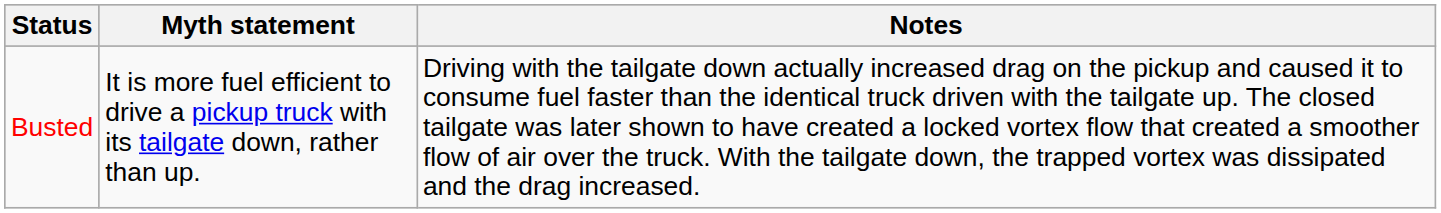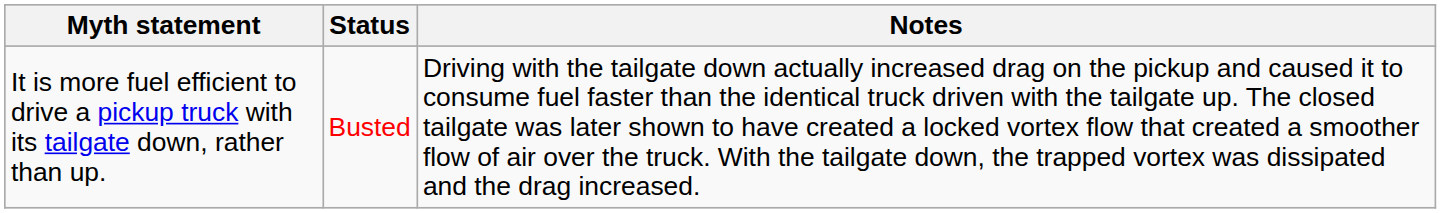 <table class="wikitable plainrowheaders">
 <tr>
+<th>Myth statement</th>
 <th>Status</th>
-<th>Myth statement</th>
 <th>Notes</th>
 </tr>
 <tr>
+<td>It is more fuel efficient to drive a <a href='#'>pickup truck</a> with its <a href='#'>tailgate</a> down, rather than up.</td>
 <td style="color:red">Busted</td>
-<td>It is more fuel efficient to drive a <a href='#'>pickup truck</a> with its <a href='#'>tailgate</a> down, rather than up.</td>
 <td>Driving with the tailgate down actually increased drag on the pickup and caused it to consume fuel faster than the identical truck driven with the tailgate up. The closed tailgate was later shown to have created a locked vortex flow that created a smoother flow of air over the truck. With the tailgate down, the trapped vortex was dissipated and the drag increased.</td>
 </tr>
 </table>
